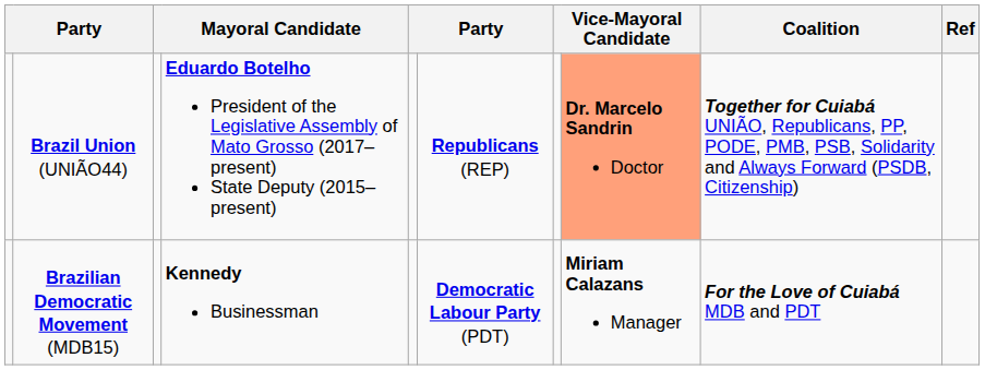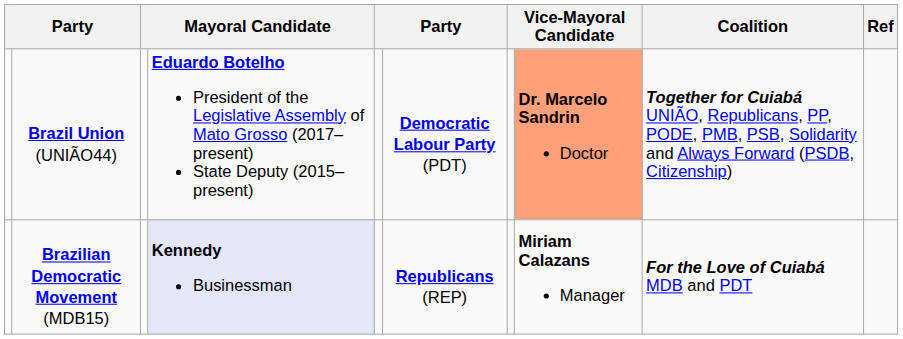 <table class="wikitable">
 <tr>
 <th colspan="2">Party</th>
 <th colspan="2">Mayoral Candidate</th>
 <th colspan="2">Party</th>
 <th colspan="2">Vice-Mayoral Candidate</th>
 <th>Coalition</th>
 <th>Ref</th>
 </tr>
 <tr>
 <td style="background:"></td>
 <td style="text-align:center; line-height:1.3"><br><strong><a href='#'>Brazil Union</a></strong><br>(UNIÃO44)</td>
 <td></td>
 <td><strong><a href='#'>Eduardo Botelho</a></strong><br><ul><li>President of the <a href='#'>Legislative Assembly</a> of <a href='#'>Mato Grosso</a> (2017–present)</li><li>State Deputy (2015–present)</li></ul></td>
 <td style="background:"></td>
-<td style="text-align:center; line-height:1.3"><br><strong><a href='#'>Republicans</a></strong><br>(REP)</td>
+<td style="text-align:center; line-height:1.3"><br><strong><a href='#'>Democratic Labour Party</a></strong><br>(PDT)</td>
 <td></td>
 <td style="background: lightsalmon;"><strong>Dr. Marcelo Sandrin</strong><br><ul><li>Doctor</li></ul></td>
 <td><strong><em>Together for Cuiabá</em></strong><br><a href='#'>UNIÃO</a>, <a href='#'>Republicans</a>, <a href='#'>PP</a>, <a href='#'>PODE</a>, <a href='#'>PMB</a>, <a href='#'>PSB</a>, <a href='#'>Solidarity</a> and <a href='#'>Always Forward</a> (<a href='#'>PSDB</a>, <a href='#'>Citizenship</a>)</td>
 <td></td>
 </tr>
 <tr>
 <td style="background:"></td>
 <td style="text-align:center; line-height:1.3"><br><strong><a href='#'>Brazilian Democratic Movement</a></strong><br>(MDB15)</td>
 <td></td>
-<td><strong>Kennedy</strong><br><ul><li>Businessman</li></ul></td>
+<td style="background: lavender;"><strong>Kennedy</strong><br><ul><li>Businessman</li></ul></td>
 <td style="background:"></td>
-<td style="text-align:center; line-height:1.3"><br><strong><a href='#'>Democratic Labour Party</a></strong><br>(PDT)</td>
+<td style="text-align:center; line-height:1.3"><br><strong><a href='#'>Republicans</a></strong><br>(REP)</td>
 <td></td>
 <td><strong>Miriam Calazans</strong><br><ul><li>Manager</li></ul></td>
 <td><strong><em>For the Love of Cuiabá</em></strong><br><a href='#'>MDB</a> and <a href='#'>PDT</a></td>
 <td></td>
 </tr>
 </table>
